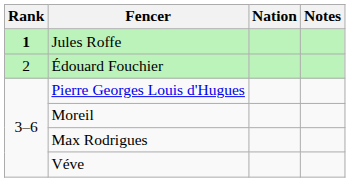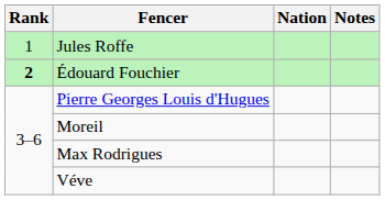 <table class="wikitable sortable" style="text-align:center">
 <tr>
 <th>Rank</th>
 <th>Fencer</th>
 <th>Nation</th>
 <th>Notes</th>
 </tr>
 <tr bgcolor=bbf3bb>
-<td><strong>1</strong></td>
+<td>1</td>
 <td align=left>Jules Roffe</td>
 <td align=left></td>
 <td></td>
 </tr>
 <tr bgcolor=bbf3bb>
-<td>2</td>
+<td><strong>2</strong></td>
 <td align=left>Édouard Fouchier</td>
 <td align=left></td>
 <td></td>
 </tr>
 <tr>
 <td rowspan=4 align=center>3–6</td>
 <td align=left><a href='#'>Pierre Georges Louis d'Hugues</a></td>
 <td align=left></td>
 <td></td>
 </tr>
 <tr>
 <td align=left>Moreil</td>
 <td align=left></td>
 <td></td>
 </tr>
 <tr>
 <td align=left>Max Rodrigues</td>
 <td align=left></td>
 <td></td>
 </tr>
 <tr>
 <td align=left>Véve</td>
 <td align=left></td>
 <td></td>
 </tr>
 </table>
